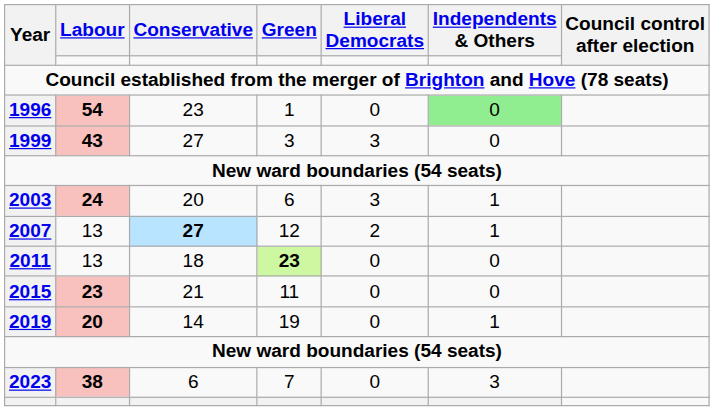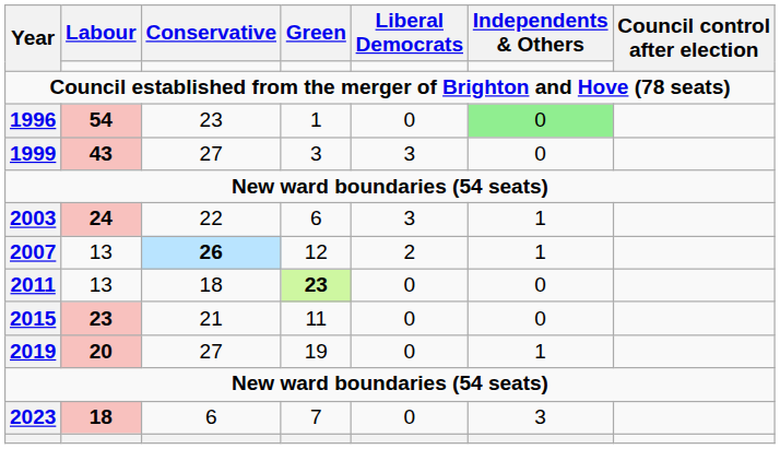 <table class="wikitable plainrowheaders" style="text-align:center">
 <tr>
 <th scope="col" rowspan="2">Year</th>
 <th scope="col"><a href='#'>Labour</a></th>
 <th scope="col"><a href='#'>Conservative</a></th>
 <th scope="col"><a href='#'>Green</a></th>
 <th scope="col" style="width:1px"><a href='#'>Liberal Democrats</a></th>
 <th scope="col"><a href='#'>Independents</a><br>& Others</th>
 <th scope="col" rowspan="2" colspan="2">Council control<br>after election</th>
 </tr>
 <tr>
 <td style="background:"></td>
 <td style="background:"></td>
 <td style="background:"></td>
 <td style="background:"></td>
 <td style="background:"></td>
 </tr>
 <tr>
 <td colspan="9"><strong>Council established from the merger of <a href='#'>Brighton</a> and <a href='#'>Hove</a> (78 seats)</strong></td>
 </tr>
 <tr>
 <th scope="row"><a href='#'>1996</a></th>
 <td style="background:#F8C1BE;"><strong>54</strong></td>
 <td>23</td>
 <td>1</td>
 <td>0</td>
 <td style="background: lightgreen;">0</td>
 <td></td>
 </tr>
 <tr>
 <th scope="row"><a href='#'>1999</a></th>
 <td style="background:#F8C1BE;"><strong>43</strong></td>
 <td>27</td>
 <td>3</td>
 <td>3</td>
 <td>0</td>
 <td></td>
 </tr>
 <tr>
 <td colspan="9"><strong>New ward boundaries (54 seats)</strong></td>
 </tr>
 <tr>
 <th scope="row"><a href='#'>2003</a></th>
 <td style="background:#F8C1BE;"><strong>24</strong></td>
-<td>20</td>
+<td>22</td>
 <td>6</td>
 <td>3</td>
 <td>1</td>
 <td></td>
 </tr>
 <tr>
 <th scope="row"><a href='#'>2007</a></th>
 <td>13</td>
-<td style="background:#B9E4FF;"><strong>27</strong></td>
+<td style="background:#B9E4FF;"><strong>26</strong></td>
 <td>12</td>
 <td>2</td>
 <td>1</td>
 <td></td>
 </tr>
 <tr>
 <th scope="row"><a href='#'>2011</a></th>
 <td>13</td>
 <td>18</td>
 <td style="background:#CEF7A1"><strong>23</strong></td>
 <td>0</td>
 <td>0</td>
 <td></td>
 </tr>
 <tr>
 <th scope="row"><a href='#'>2015</a></th>
 <td style="background:#F8C1BE;"><strong>23</strong></td>
 <td>21</td>
 <td>11</td>
 <td>0</td>
 <td>0</td>
 <td></td>
 </tr>
 <tr>
 <th scope="row"><a href='#'>2019</a></th>
 <td style="background:#F8C1BE;"><strong>20</strong></td>
-<td>14</td>
+<td>27</td>
 <td>19</td>
 <td>0</td>
 <td>1</td>
 <td></td>
 </tr>
 <tr>
 <td colspan="9"><strong>New ward boundaries (54 seats)</strong></td>
 </tr>
 <tr>
 <th scope="row"><a href='#'>2023</a></th>
-<td style="background:#F8C1BE;"><strong>38</strong></td>
+<td style="background:#F8C1BE;"><strong>18</strong></td>
 <td>6</td>
 <td>7</td>
 <td>0</td>
 <td>3</td>
 <td></td>
 </tr>
 <tr>
 <th></th>
 <th style="background-color: "></th>
 <th style="background-color: "></th>
 <th style="background-color: "></th>
 <th style="background-color: "></th>
 <th style="background-color: "></th>
 </tr>
 </table>
